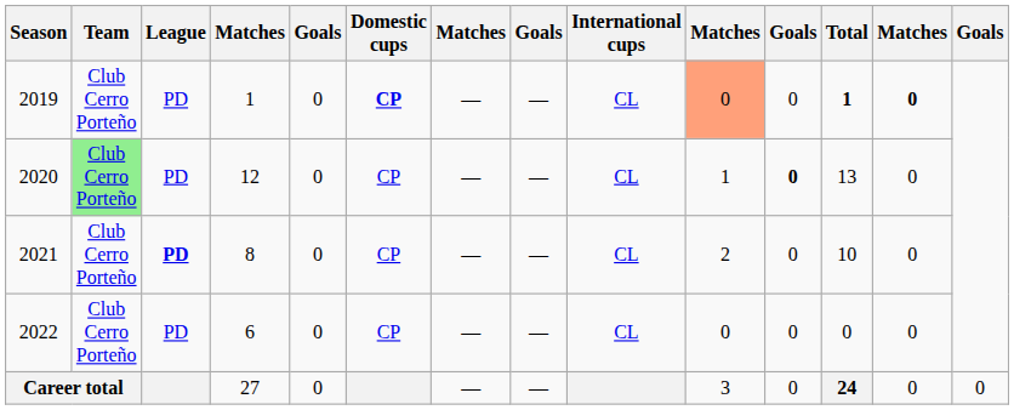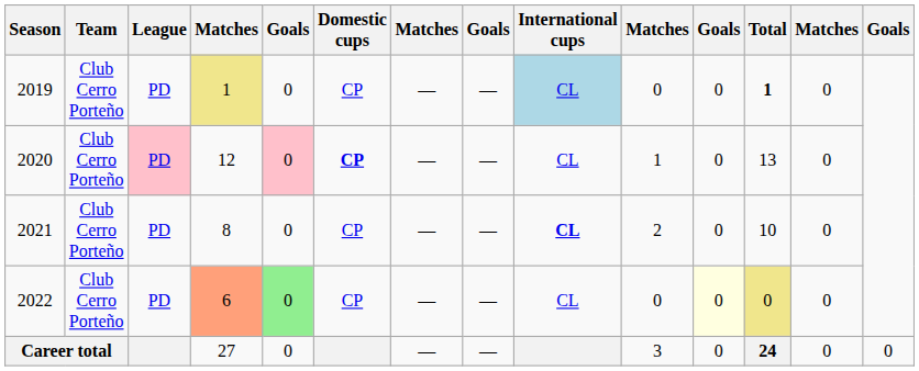 <table class="wikitable" style="font-size:90%;width:99%;text-align:center;">
 <tr>
 <th>Season</th>
 <th>Team</th>
 <th>League</th>
 <th>Matches</th>
 <th>Goals</th>
 <th>Domestic cups</th>
 <th>Matches</th>
 <th>Goals</th>
 <th>International cups</th>
 <th>Matches</th>
 <th>Goals</th>
 <th>Total</th>
 <th>Matches</th>
 <th>Goals</th>
 </tr>
 <tr>
 <td>2019</td>
 <td><a href='#'>Club Cerro Porteño</a></td>
 <td><a href='#'>PD</a></td>
-<td>1</td>
+<td style="background: khaki;">1</td>
 <td>0</td>
+<td><a href='#'>CP</a></td>
+<td>—</td>
+<td>—</td>
+<td style="background: lightblue;"><a href='#'>CL</a></td>
+<td>0</td>
+<td>0</td>
+<td><strong>1</strong></td>
+<td>0</td>
+</tr>
+<tr>
+<td>2020</td>
+<td><a href='#'>Club Cerro Porteño</a></td>
+<td style="background: pink;"><a href='#'>PD</a></td>
+<td>12</td>
+<td style="background: pink;">0</td>
 <td><strong><a href='#'>CP</a></strong></td>
 <td>—</td>
 <td>—</td>
 <td><a href='#'>CL</a></td>
-<td style="background: lightsalmon;">0</td>
+<td>1</td>
 <td>0</td>
-<td><strong>1</strong></td>
-<td><strong>0</strong></td>
-</tr>
-<tr>
-<td>2020</td>
-<td style="background: lightgreen;"><a href='#'>Club Cerro Porteño</a></td>
-<td><a href='#'>PD</a></td>
-<td>12</td>
-<td>0</td>
-<td><a href='#'>CP</a></td>
-<td>—</td>
-<td>—</td>
-<td><a href='#'>CL</a></td>
-<td>1</td>
-<td><strong>0</strong></td>
 <td>13</td>
 <td>0</td>
 </tr>
 <tr>
 <td>2021</td>
 <td><a href='#'>Club Cerro Porteño</a></td>
-<td><strong><a href='#'>PD</a></strong></td>
+<td><a href='#'>PD</a></td>
 <td>8</td>
 <td>0</td>
 <td><a href='#'>CP</a></td>
 <td>—</td>
 <td>—</td>
-<td><a href='#'>CL</a></td>
+<td><strong><a href='#'>CL</a></strong></td>
 <td>2</td>
 <td>0</td>
 <td>10</td>
 <td>0</td>
 </tr>
 <tr>
 <td>2022</td>
 <td><a href='#'>Club Cerro Porteño</a></td>
 <td><a href='#'>PD</a></td>
-<td>6</td>
-<td>0</td>
+<td style="background: lightsalmon;">6</td>
+<td style="background: lightgreen;">0</td>
 <td><a href='#'>CP</a></td>
 <td>—</td>
 <td>—</td>
 <td><a href='#'>CL</a></td>
 <td>0</td>
-<td>0</td>
-<td>0</td>
+<td style="background: lightyellow;">0</td>
+<td style="background: khaki;">0</td>
 <td>0</td>
 </tr>
 <tr>
 <th colspan="2">Career total</th>
 <th></th>
 <td>27</td>
 <td>0</td>
 <th></th>
 <td>—</td>
 <td>—</td>
 <th></th>
 <td>3</td>
 <td>0</td>
 <th>24</th>
 <td>0</td>
 <td>0</td>
 </tr>
 </table>
